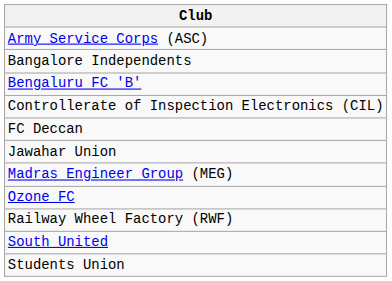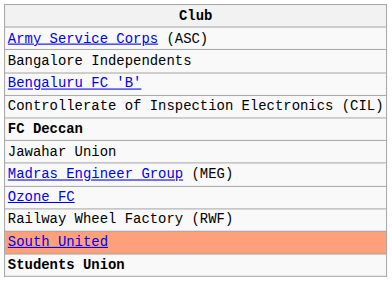 <table class="wikitable" style="text-align:center;">
 <tr>
 <th>Club</th>
 </tr>
 <tr>
 <td style="text-align:left;"><a href='#'>Army Service Corps</a> (ASC)</td>
 </tr>
 <tr>
 <td style="text-align:left;">Bangalore Independents</td>
 </tr>
 <tr>
 <td style="text-align:left;"><a href='#'>Bengaluru FC 'B'</a></td>
 </tr>
 <tr>
 <td style="text-align:left;">Controllerate of Inspection Electronics (CIL)</td>
 </tr>
 <tr>
-<td style="text-align:left;">FC Deccan</td>
+<td style="text-align:left;"><strong>FC Deccan</strong></td>
 </tr>
 <tr>
 <td style="text-align:left;">Jawahar Union</td>
 </tr>
 <tr>
 <td style="text-align:left;"><a href='#'>Madras Engineer Group</a> (MEG)</td>
 </tr>
 <tr>
 <td style="text-align:left;"><a href='#'>Ozone FC</a></td>
 </tr>
 <tr>
 <td style="text-align:left;">Railway Wheel Factory (RWF)</td>
 </tr>
 <tr>
-<td style="text-align:left;"><a href='#'>South United</a></td>
+<td style="background: lightsalmon; text-align:left;"><a href='#'>South United</a></td>
 </tr>
 <tr>
-<td style="text-align:left;">Students Union</td>
+<td style="text-align:left;"><strong>Students Union</strong></td>
 </tr>
 </table>
